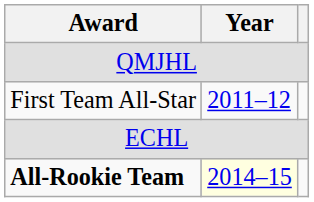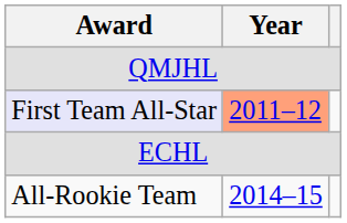 <table class="wikitable">
 <tr>
 <th>Award</th>
 <th>Year</th>
 <th></th>
 </tr>
 <tr ALIGN="center" bgcolor="#e0e0e0">
 <td colspan="3"><a href='#'>QMJHL</a></td>
 </tr>
 <tr>
-<td>First Team All-Star</td>
-<td><a href='#'>2011–12</a></td>
+<td style="background: lavender;">First Team All-Star</td>
+<td style="background: lightsalmon;"><a href='#'>2011–12</a></td>
 <td></td>
 </tr>
 <tr ALIGN="center" bgcolor="#e0e0e0">
 <td colspan="3"><a href='#'>ECHL</a></td>
 </tr>
 <tr>
-<td><strong>All-Rookie Team</strong></td>
-<td style="background: lightyellow;"><a href='#'>2014–15</a></td>
+<td>All-Rookie Team</td>
+<td><a href='#'>2014–15</a></td>
 <td></td>
 </tr>
 </table>
